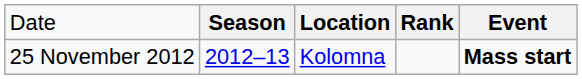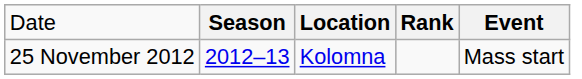 <table class="wikitable sortable" style="font-size:90%" style="text-align:center">
 <tr>
 <td>Date</td>
 <th>Season</th>
 <th>Location</th>
 <th>Rank</th>
 <th>Event</th>
 </tr>
 <tr>
 <td>25 November 2012</td>
 <td><a href='#'>2012–13</a></td>
 <td><a href='#'>Kolomna</a></td>
 <td></td>
-<td><strong>Mass start</strong></td>
+<td>Mass start</td>
 </tr>
 </table>
